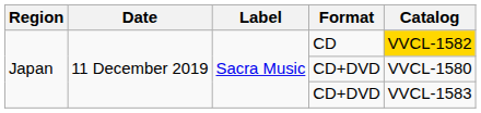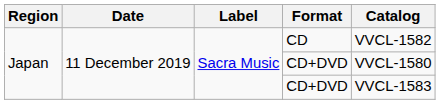 <table class="wikitable">
 <tr>
 <th>Region</th>
 <th>Date</th>
 <th>Label</th>
 <th>Format</th>
 <th>Catalog</th>
 </tr>
 <tr>
 <td rowspan="3">Japan</td>
 <td rowspan="3">11 December 2019</td>
 <td rowspan="3"><a href='#'>Sacra Music</a></td>
 <td>CD</td>
-<td style="background: gold;">VVCL-1582</td>
+<td>VVCL-1582</td>
 </tr>
 <tr>
 <td>CD+DVD</td>
 <td>VVCL-1580</td>
 </tr>
 <tr>
 <td>CD+DVD</td>
 <td>VVCL-1583</td>
 </tr>
 </table>
